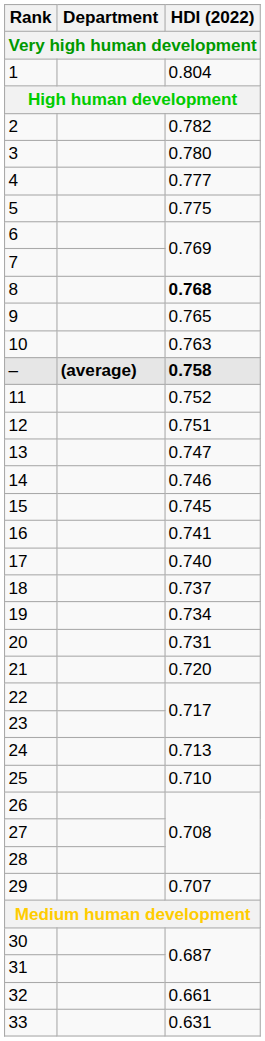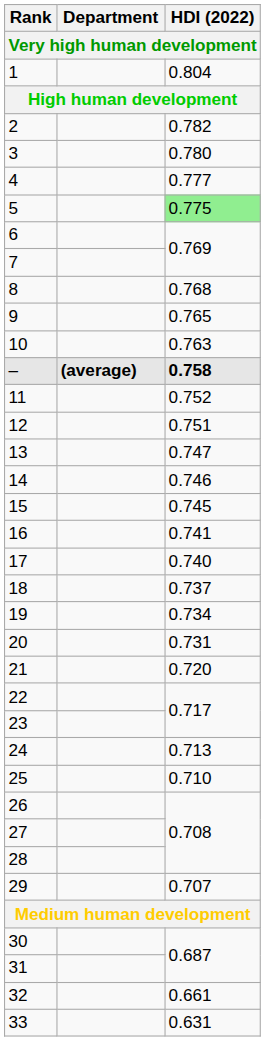 <table class="wikitable sortable">
 <tr>
 <th>Rank</th>
 <th>Department</th>
 <th>HDI (2022)</th>
 </tr>
 <tr>
 <th colspan="3" style="color:#090;">Very high human development</th>
 </tr>
 <tr>
 <td>1</td>
 <td></td>
 <td>0.804</td>
 </tr>
 <tr>
 <th colspan="3" style="color:#0c0;">High human development</th>
 </tr>
 <tr>
 <td>2</td>
 <td></td>
 <td>0.782</td>
 </tr>
 <tr>
 <td>3</td>
 <td></td>
 <td>0.780</td>
 </tr>
 <tr>
 <td>4</td>
 <td></td>
 <td>0.777</td>
 </tr>
 <tr>
 <td>5</td>
 <td></td>
-<td>0.775</td>
+<td style="background: lightgreen;">0.775</td>
 </tr>
 <tr>
 <td>6</td>
 <td></td>
 <td rowspan="2">0.769</td>
 </tr>
 <tr>
 <td>7</td>
 <td></td>
 </tr>
 <tr>
 <td>8</td>
 <td></td>
-<td><strong>0.768</strong></td>
+<td>0.768</td>
 </tr>
 <tr>
 <td>9</td>
 <td></td>
 <td>0.765</td>
 </tr>
 <tr>
 <td>10</td>
 <td></td>
 <td>0.763</td>
 </tr>
 <tr style="background:#e6e6e6">
 <td>–</td>
 <td><strong> (average)</strong></td>
 <td><strong>0.758</strong></td>
 </tr>
 <tr>
 <td>11</td>
 <td></td>
 <td>0.752</td>
 </tr>
 <tr>
 <td>12</td>
 <td></td>
 <td>0.751</td>
 </tr>
 <tr>
 <td>13</td>
 <td></td>
 <td>0.747</td>
 </tr>
 <tr>
 <td>14</td>
 <td></td>
 <td>0.746</td>
 </tr>
 <tr>
 <td>15</td>
 <td></td>
 <td>0.745</td>
 </tr>
 <tr>
 <td>16</td>
 <td></td>
 <td>0.741</td>
 </tr>
 <tr>
 <td>17</td>
 <td></td>
 <td>0.740</td>
 </tr>
 <tr>
 <td>18</td>
 <td></td>
 <td>0.737</td>
 </tr>
 <tr>
 <td>19</td>
 <td></td>
 <td>0.734</td>
 </tr>
 <tr>
 <td>20</td>
 <td></td>
 <td>0.731</td>
 </tr>
 <tr>
 <td>21</td>
 <td></td>
 <td>0.720</td>
 </tr>
 <tr>
 <td>22</td>
 <td></td>
 <td rowspan="2">0.717</td>
 </tr>
 <tr>
 <td>23</td>
 <td></td>
 </tr>
 <tr>
 <td>24</td>
 <td></td>
 <td>0.713</td>
 </tr>
 <tr>
 <td>25</td>
 <td></td>
 <td>0.710</td>
 </tr>
 <tr>
 <td>26</td>
 <td></td>
 <td rowspan="3">0.708</td>
 </tr>
 <tr>
 <td>27</td>
 <td></td>
 </tr>
 <tr>
 <td>28</td>
 <td></td>
 </tr>
 <tr>
 <td>29</td>
 <td></td>
 <td>0.707</td>
 </tr>
 <tr>
 <th colspan="3" style="color:#fc0;">Medium human development</th>
 </tr>
 <tr>
 <td>30</td>
 <td></td>
 <td rowspan="2">0.687</td>
 </tr>
 <tr>
 <td>31</td>
 <td></td>
 </tr>
 <tr>
 <td>32</td>
 <td></td>
 <td>0.661</td>
 </tr>
 <tr>
 <td>33</td>
 <td></td>
 <td>0.631</td>
 </tr>
 </table>
